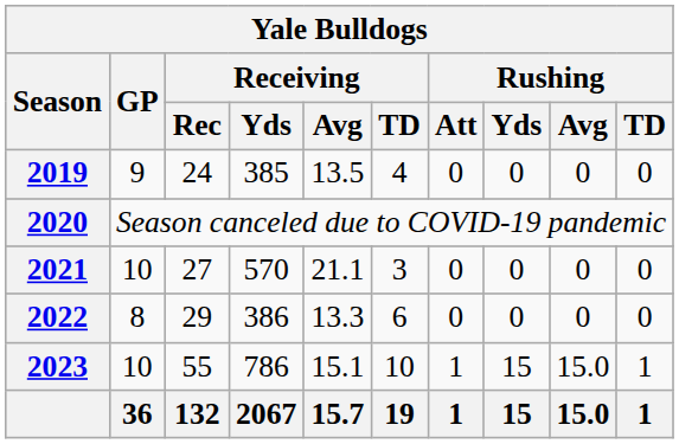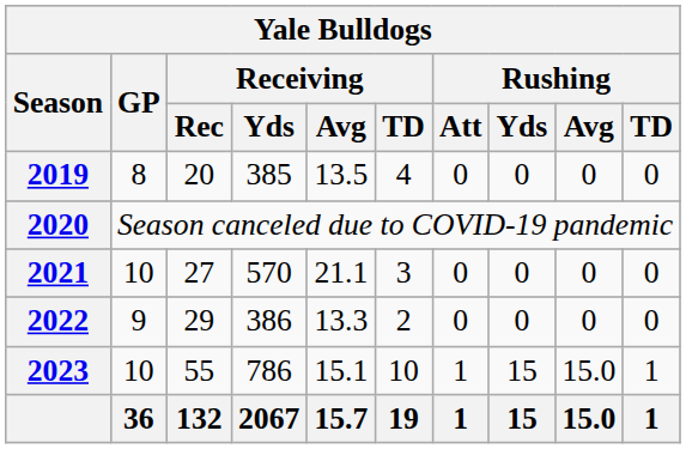 <table class=wikitable style="text-align:center;">
 <tr>
 <th colspan=10>Yale Bulldogs</th>
 </tr>
 <tr>
 <th rowspan="2">Season</th>
 <th rowspan="2">GP</th>
 <th colspan="4">Receiving</th>
 <th colspan="4">Rushing</th>
 </tr>
 <tr>
 <th>Rec</th>
 <th>Yds</th>
 <th>Avg</th>
 <th>TD</th>
 <th>Att</th>
 <th>Yds</th>
 <th>Avg</th>
 <th>TD</th>
 </tr>
 <tr>
 <th><a href='#'>2019</a></th>
-<td>9</td>
-<td>24</td>
+<td>8</td>
+<td>20</td>
 <td>385</td>
 <td>13.5</td>
 <td>4</td>
 <td>0</td>
 <td>0</td>
 <td>0</td>
 <td>0</td>
 </tr>
 <tr>
 <th><a href='#'>2020</a></th>
 <td colspan="9"><em>Season canceled due to COVID-19 pandemic</em></td>
 </tr>
 <tr>
 <th><a href='#'>2021</a></th>
 <td>10</td>
 <td>27</td>
 <td>570</td>
 <td>21.1</td>
 <td>3</td>
 <td>0</td>
 <td>0</td>
 <td>0</td>
 <td>0</td>
 </tr>
 <tr>
 <th><a href='#'>2022</a></th>
-<td>8</td>
+<td>9</td>
 <td>29</td>
 <td>386</td>
 <td>13.3</td>
-<td>6</td>
+<td>2</td>
 <td>0</td>
 <td>0</td>
 <td>0</td>
 <td>0</td>
 </tr>
 <tr>
 <th><a href='#'>2023</a></th>
 <td>10</td>
 <td>55</td>
 <td>786</td>
 <td>15.1</td>
 <td>10</td>
 <td>1</td>
 <td>15</td>
 <td>15.0</td>
 <td>1</td>
 </tr>
 <tr>
 <th></th>
 <th>36</th>
 <th>132</th>
 <th>2067</th>
 <th>15.7</th>
 <th>19</th>
 <th>1</th>
 <th>15</th>
 <th>15.0</th>
 <th>1</th>
 </tr>
 </table>
